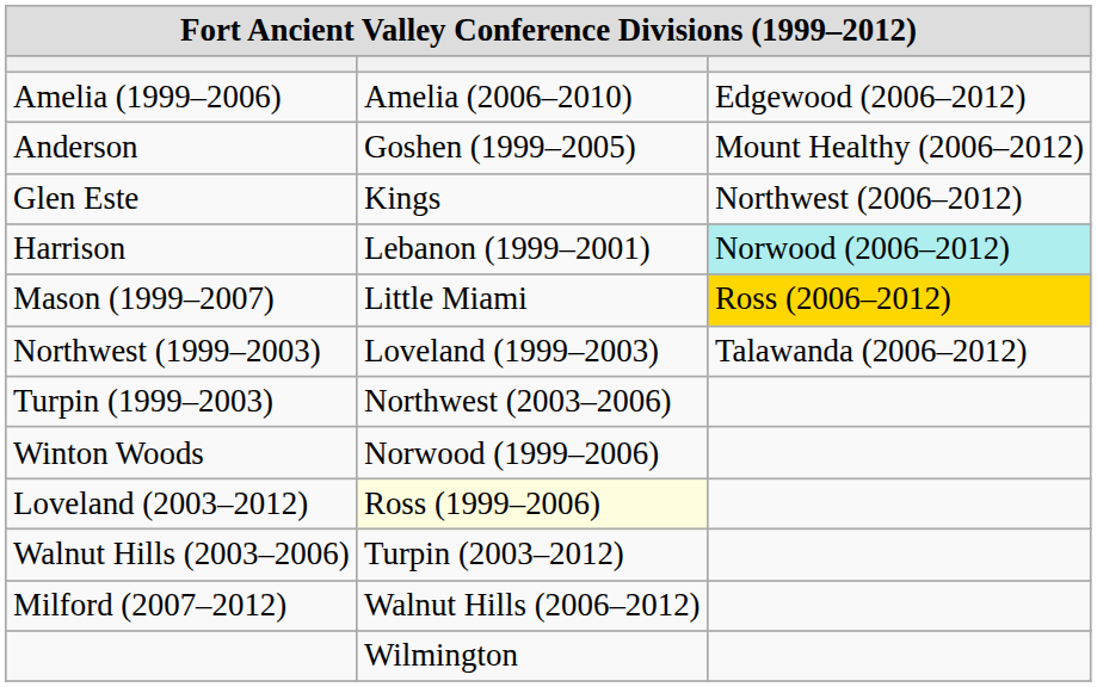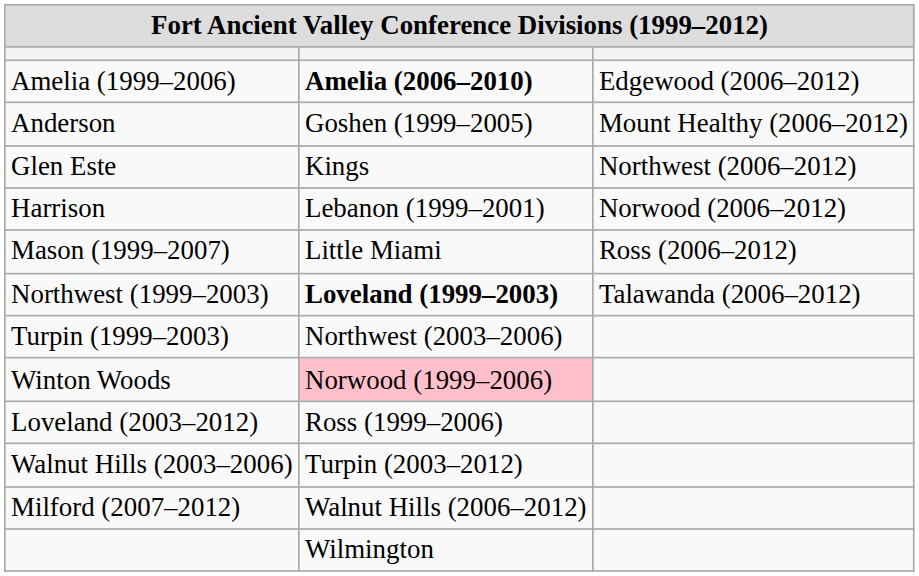 <table class="wikitable">
 <tr style="background:#ccf;">
 <th colspan="4" style="background:#ddd;">Fort Ancient Valley Conference Divisions (1999–2012)</th>
 </tr>
 <tr>
 <th></th>
 <th></th>
 <th></th>
 </tr>
 <tr>
 <td>Amelia (1999–2006)</td>
-<td>Amelia (2006–2010)</td>
+<td><strong>Amelia (2006–2010)</strong></td>
 <td>Edgewood (2006–2012)</td>
 </tr>
 <tr>
 <td>Anderson</td>
 <td>Goshen (1999–2005)</td>
 <td>Mount Healthy (2006–2012)</td>
 </tr>
 <tr>
 <td>Glen Este</td>
 <td>Kings</td>
 <td>Northwest (2006–2012)</td>
 </tr>
 <tr>
 <td>Harrison</td>
 <td>Lebanon (1999–2001)</td>
-<td style="background: paleturquoise;">Norwood (2006–2012)</td>
+<td>Norwood (2006–2012)</td>
 </tr>
 <tr>
 <td>Mason (1999–2007)</td>
 <td>Little Miami</td>
-<td style="background: gold;">Ross (2006–2012)</td>
+<td>Ross (2006–2012)</td>
 </tr>
 <tr>
 <td>Northwest (1999–2003)</td>
-<td>Loveland (1999–2003)</td>
+<td><strong>Loveland (1999–2003)</strong></td>
 <td>Talawanda (2006–2012)</td>
 </tr>
 <tr>
 <td>Turpin (1999–2003)</td>
 <td>Northwest (2003–2006)</td>
 <td></td>
 </tr>
 <tr>
 <td>Winton Woods</td>
-<td>Norwood (1999–2006)</td>
+<td style="background: pink;">Norwood (1999–2006)</td>
 <td></td>
 </tr>
 <tr>
 <td>Loveland (2003–2012)</td>
-<td style="background: lightyellow;">Ross (1999–2006)</td>
+<td>Ross (1999–2006)</td>
 <td></td>
 </tr>
 <tr>
 <td>Walnut Hills (2003–2006)</td>
 <td>Turpin (2003–2012)</td>
 <td></td>
 </tr>
 <tr>
 <td>Milford (2007–2012)</td>
 <td>Walnut Hills (2006–2012)</td>
 <td></td>
 </tr>
 <tr>
 <td></td>
 <td>Wilmington</td>
 <td></td>
 </tr>
 </table>
